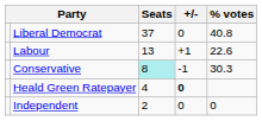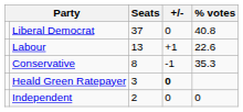 <table class="wikitable">
 <tr>
 <th colspan="2">Party</th>
 <th>Seats</th>
 <th>  +/-  </th>
 <th>% votes</th>
 </tr>
 <tr>
 <td style="background-color: "></td>
 <td><a href='#'>Liberal Democrat</a></td>
 <td>37</td>
 <td>0</td>
 <td>40.8</td>
 </tr>
 <tr>
 <td style="background-color: "></td>
 <td><a href='#'>Labour</a></td>
 <td>13</td>
 <td>+1</td>
 <td>22.6</td>
 </tr>
 <tr>
 <td style="background-color: "></td>
 <td><a href='#'>Conservative</a></td>
-<td style="background: paleturquoise;">8</td>
+<td>8</td>
 <td>-1</td>
-<td>30.3</td>
+<td>35.3</td>
 </tr>
 <tr>
 <td style="background-color: "></td>
 <td><a href='#'>Heald Green Ratepayer</a></td>
-<td>4</td>
+<td>3</td>
 <td><strong>0</strong></td>
 <td></td>
 </tr>
 <tr>
 <td style="background-color: "></td>
 <td><a href='#'>Independent</a></td>
 <td>2</td>
 <td>0</td>
 <td>0</td>
 </tr>
 </table>
